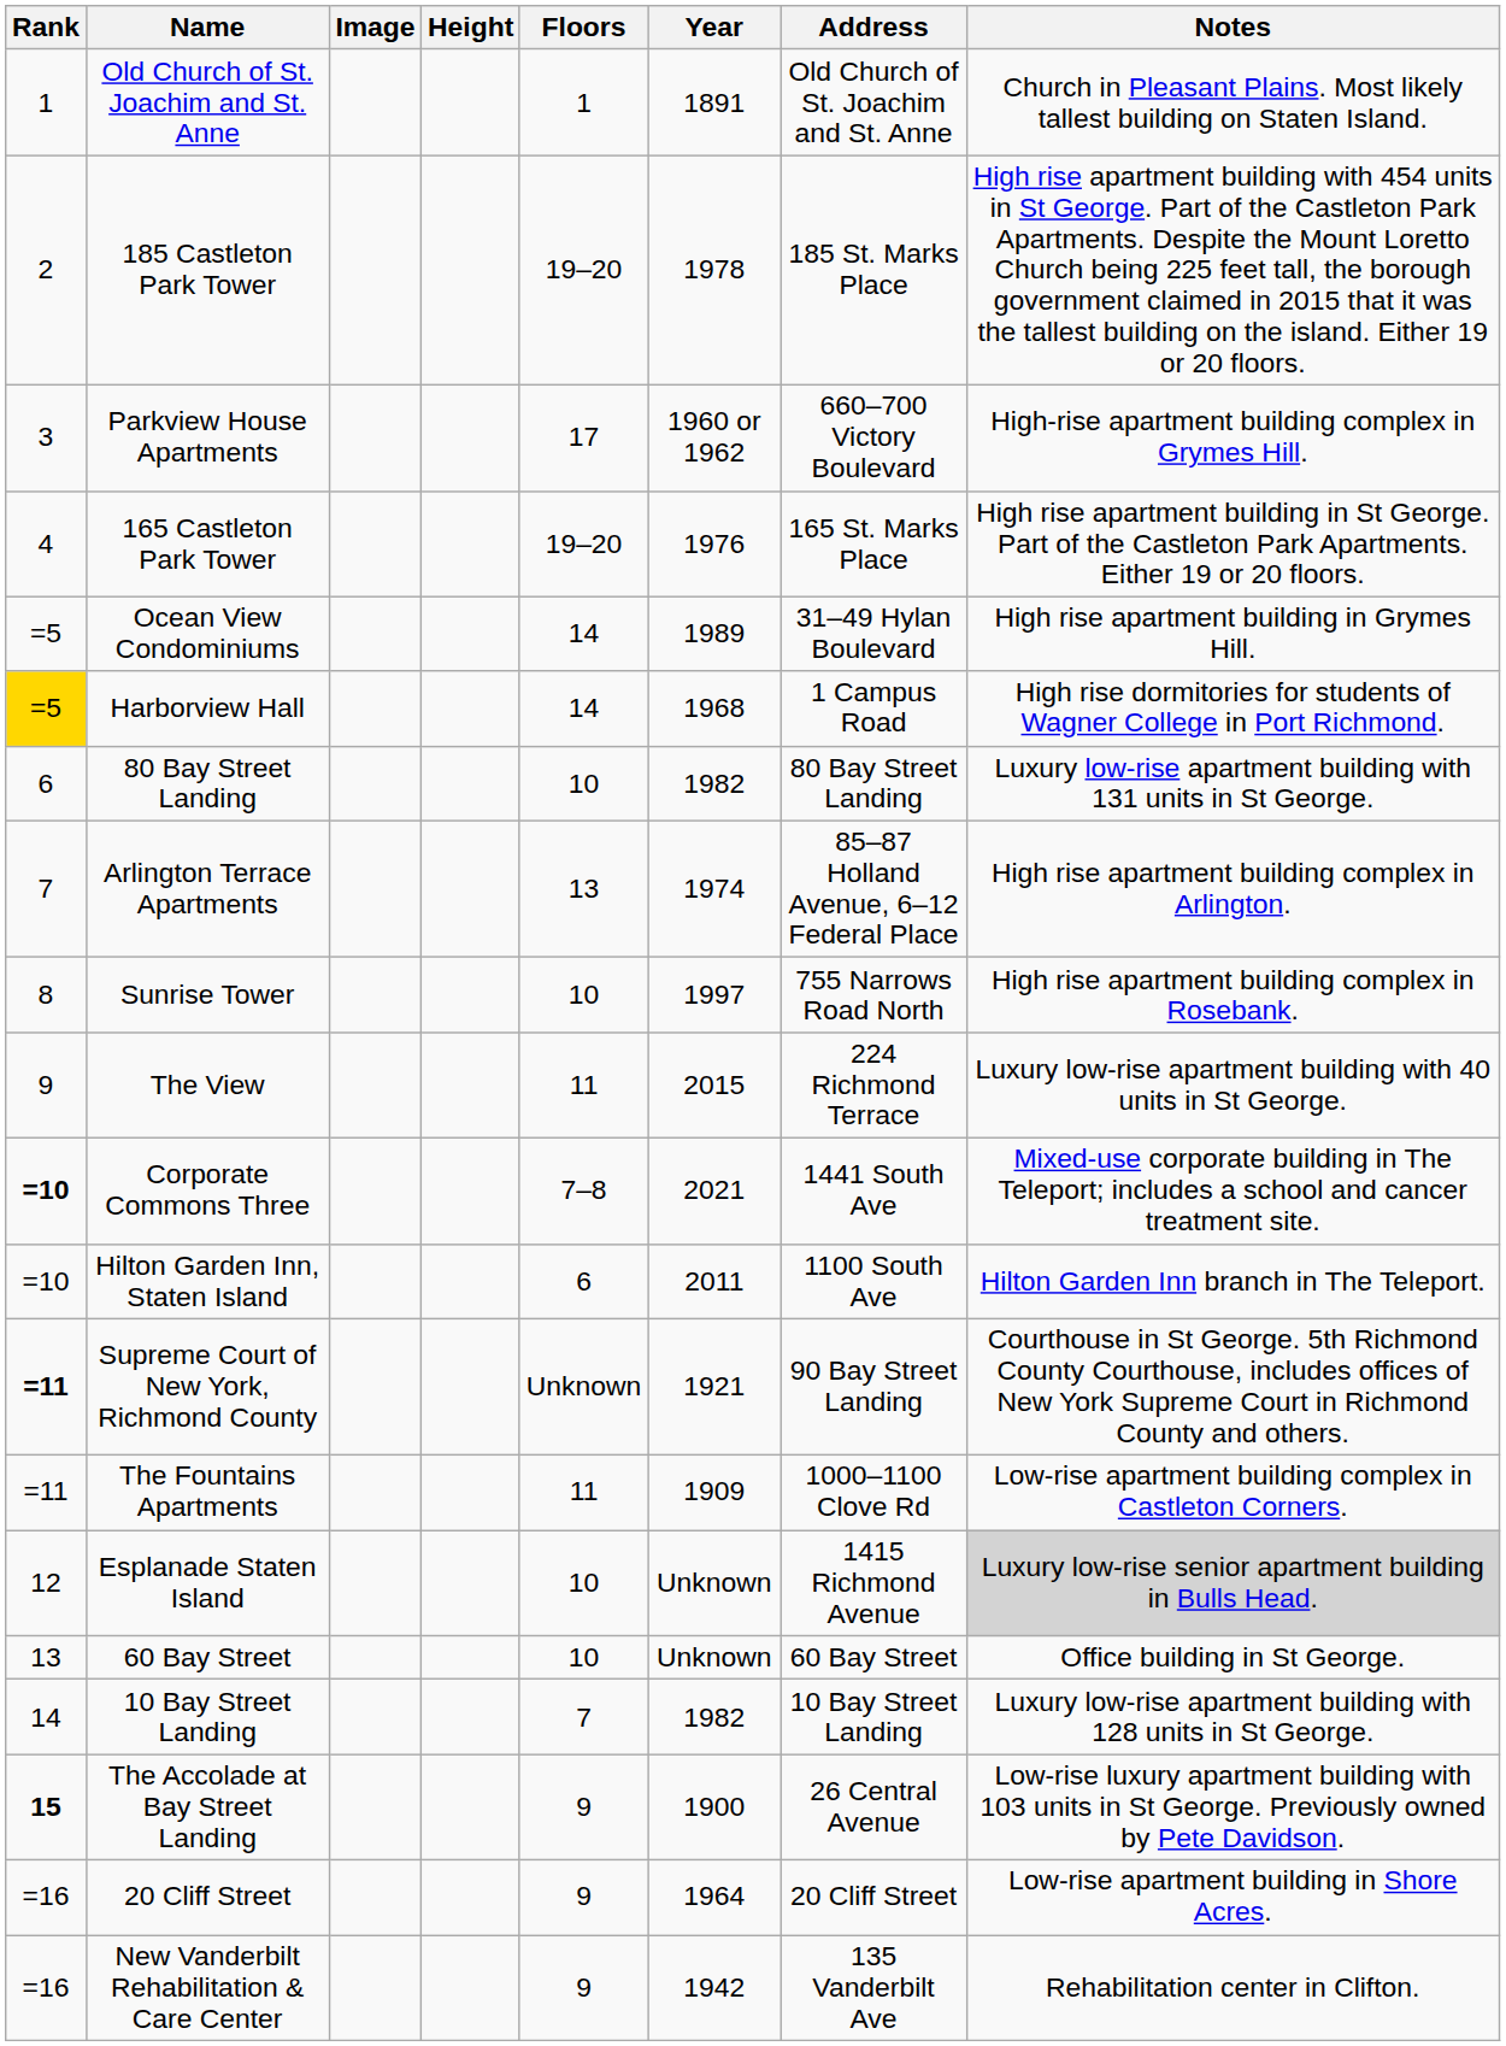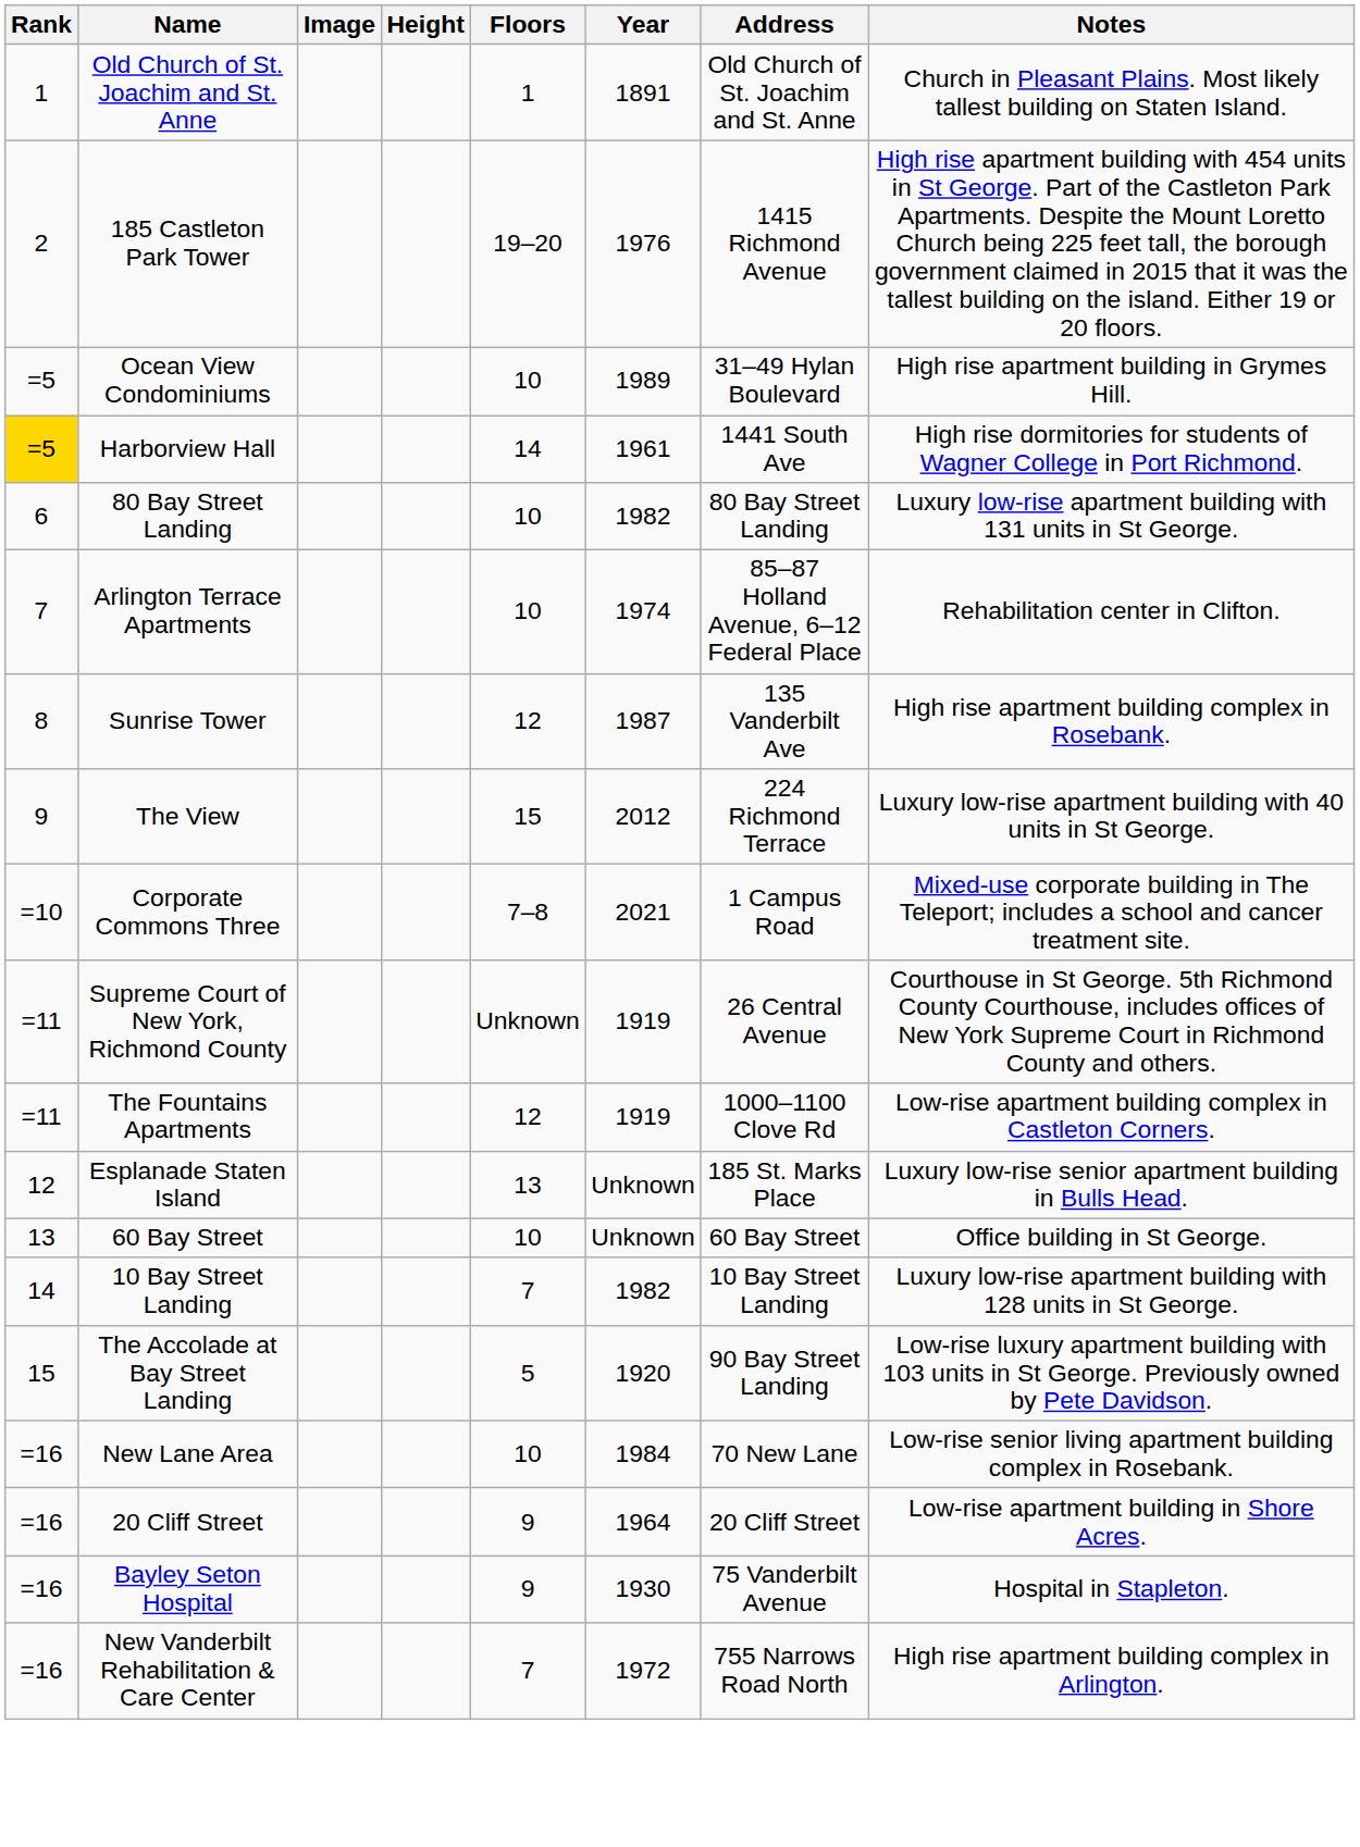 <table class="wikitable sortable" style="text-align:center">
 <tr>
 <th data-sort-type="number">Rank</th>
 <th data-sort-type="text">Name</th>
 <th class="unsortable">Image</th>
 <th data-sort-type="number">Height<br></th>
 <th data-sort-type="number">Floors</th>
 <th data-sort-type="number">Year</th>
 <th data-sort-type="text">Address</th>
 <th class="unsortable">Notes</th>
 </tr>
 <tr>
 <td style="word-spacing: -5px;">1</td>
 <td><a href='#'>Old Church of St. Joachim and St. Anne</a></td>
 <td></td>
 <td></td>
 <td>1</td>
 <td>1891</td>
 <td>Old Church of St. Joachim and St. Anne</td>
 <td>Church in <a href='#'>Pleasant Plains</a>. Most likely tallest building on Staten Island.</td>
 </tr>
 <tr>
 <td style="word-spacing: -5px;">2</td>
 <td>185 Castleton Park Tower</td>
 <td></td>
 <td></td>
 <td>19–20</td>
-<td>1978</td>
-<td>185 St. Marks Place</td>
+<td>1976</td>
+<td>1415 Richmond Avenue</td>
 <td><a href='#'>High rise</a> apartment building with 454 units in <a href='#'>St George</a>. Part of the Castleton Park Apartments. Despite the Mount Loretto Church being 225 feet tall, the borough government claimed in 2015 that it was the tallest building on the island. Either 19 or 20 floors.</td>
-</tr>
-<tr>
-<td style="word-spacing: -5px;">3</td>
-<td>Parkview House Apartments</td>
-<td></td>
-<td></td>
-<td>17</td>
-<td>1960 or 1962</td>
-<td>660–700 Victory Boulevard</td>
-<td>High-rise apartment building complex in <a href='#'>Grymes Hill</a>.</td>
-</tr>
-<tr>
-<td style="word-spacing: -5px;">4</td>
-<td>165 Castleton Park Tower</td>
-<td></td>
-<td></td>
-<td>19–20</td>
-<td>1976</td>
-<td>165 St. Marks Place</td>
-<td>High rise apartment building in St George. Part of the Castleton Park Apartments. Either 19 or 20 floors.</td>
 </tr>
 <tr>
 <td style="word-spacing: -5px;">=5</td>
 <td>Ocean View Condominiums</td>
 <td><br></td>
 <td></td>
-<td>14</td>
+<td>10</td>
 <td>1989</td>
 <td>31–49 Hylan Boulevard</td>
 <td>High rise apartment building in Grymes Hill.</td>
 </tr>
 <tr>
 <td style="background: gold; word-spacing: -5px;">=5</td>
 <td>Harborview Hall</td>
 <td><br></td>
 <td></td>
 <td>14</td>
-<td>1968</td>
-<td>1 Campus Road</td>
+<td>1961</td>
+<td>1441 South Ave</td>
 <td>High rise dormitories for students of <a href='#'>Wagner College</a> in <a href='#'>Port Richmond</a>.</td>
 </tr>
 <tr>
 <td style="word-spacing: -5px;">6</td>
 <td>80 Bay Street Landing</td>
 <td></td>
 <td></td>
 <td>10</td>
 <td>1982</td>
 <td>80 Bay Street Landing</td>
 <td>Luxury <a href='#'>low-rise</a> apartment building with 131 units in St George.</td>
 </tr>
 <tr>
 <td style="word-spacing: -5px;">7</td>
 <td>Arlington Terrace Apartments</td>
 <td></td>
 <td></td>
-<td>13</td>
+<td>10</td>
 <td>1974</td>
 <td>85–87 Holland Avenue, 6–12 Federal Place</td>
-<td>High rise apartment building complex in <a href='#'>Arlington</a>.</td>
+<td>Rehabilitation center in Clifton.</td>
 </tr>
 <tr>
 <td style="word-spacing: -5px;">8</td>
 <td>Sunrise Tower</td>
 <td></td>
 <td></td>
-<td>10</td>
-<td>1997</td>
-<td>755 Narrows Road North</td>
+<td>12</td>
+<td>1987</td>
+<td>135 Vanderbilt Ave</td>
 <td>High rise apartment building complex in <a href='#'>Rosebank</a>.</td>
 </tr>
 <tr>
 <td style="word-spacing: -5px;">9</td>
 <td>The View</td>
 <td></td>
 <td></td>
-<td>11</td>
-<td>2015</td>
+<td>15</td>
+<td>2012</td>
 <td>224 Richmond Terrace</td>
 <td>Luxury low-rise apartment building with 40 units in St George.</td>
 </tr>
 <tr>
-<td style="word-spacing: -5px;"><strong>=10</strong></td>
+<td style="word-spacing: -5px;">=10</td>
 <td>Corporate Commons Three</td>
 <td></td>
 <td></td>
 <td>7–8</td>
 <td>2021</td>
-<td>1441 South Ave</td>
+<td>1 Campus Road</td>
 <td><a href='#'>Mixed-use</a> corporate building in The Teleport; includes a school and cancer treatment site.</td>
 </tr>
 <tr>
-<td style="word-spacing: -5px;">=10</td>
-<td>Hilton Garden Inn, Staten Island</td>
-<td></td>
-<td></td>
-<td>6</td>
-<td>2011</td>
-<td>1100 South Ave</td>
-<td><a href='#'>Hilton Garden Inn</a> branch in The Teleport.</td>
-</tr>
-<tr>
-<td style="word-spacing: -5px;"><strong>=11</strong></td>
+<td style="word-spacing: -5px;">=11</td>
 <td>Supreme Court of New York, Richmond County</td>
 <td></td>
 <td></td>
 <td>Unknown</td>
-<td>1921</td>
-<td>90 Bay Street Landing</td>
+<td>1919</td>
+<td>26 Central Avenue</td>
 <td>Courthouse in St George. 5th Richmond County Courthouse, includes offices of New York Supreme Court in Richmond County and others.</td>
 </tr>
 <tr>
 <td style="word-spacing: -5px;">=11</td>
 <td>The Fountains Apartments</td>
 <td></td>
 <td></td>
-<td>11</td>
-<td>1909</td>
+<td>12</td>
+<td>1919</td>
 <td>1000–1100 Clove Rd</td>
 <td>Low-rise apartment building complex in <a href='#'>Castleton Corners</a>.</td>
 </tr>
 <tr>
 <td style="word-spacing: -5px;">12</td>
 <td>Esplanade Staten Island</td>
 <td></td>
 <td></td>
-<td>10</td>
+<td>13</td>
 <td>Unknown</td>
-<td>1415 Richmond Avenue</td>
-<td style="background: lightgrey;">Luxury low-rise senior apartment building in <a href='#'>Bulls Head</a>.</td>
+<td>185 St. Marks Place</td>
+<td>Luxury low-rise senior apartment building in <a href='#'>Bulls Head</a>.</td>
 </tr>
 <tr>
 <td style="word-spacing: -5px;">13</td>
 <td>60 Bay Street</td>
 <td></td>
 <td></td>
 <td>10</td>
 <td>Unknown</td>
 <td>60 Bay Street</td>
 <td>Office building in St George.</td>
 </tr>
 <tr>
 <td style="word-spacing: -5px;">14</td>
 <td>10 Bay Street Landing</td>
 <td></td>
 <td></td>
 <td>7</td>
 <td>1982</td>
 <td>10 Bay Street Landing</td>
 <td>Luxury low-rise apartment building with 128 units in St George.</td>
 </tr>
 <tr>
-<td style="word-spacing: -5px;"><strong>15</strong></td>
+<td style="word-spacing: -5px;">15</td>
 <td>The Accolade at Bay Street Landing</td>
 <td></td>
 <td></td>
-<td>9</td>
-<td>1900</td>
-<td>26 Central Avenue</td>
+<td>5</td>
+<td>1920</td>
+<td>90 Bay Street Landing</td>
 <td>Low-rise luxury apartment building with 103 units in St George. Previously owned by <a href='#'>Pete Davidson</a>.</td>
+</tr>
+<tr>
+<td style="word-spacing: -5px;">=16</td>
+<td>New Lane Area</td>
+<td></td>
+<td></td>
+<td>10</td>
+<td>1984</td>
+<td>70 New Lane</td>
+<td>Low-rise senior living apartment building complex in Rosebank.</td>
 </tr>
 <tr>
 <td style="word-spacing: -5px;">=16</td>
 <td>20 Cliff Street</td>
 <td></td>
 <td></td>
 <td>9</td>
 <td>1964</td>
 <td>20 Cliff Street</td>
 <td>Low-rise apartment building in <a href='#'>Shore Acres</a>.</td>
 </tr>
 <tr>
 <td style="word-spacing: -5px;">=16</td>
+<td><a href='#'>Bayley Seton Hospital</a></td>
+<td></td>
+<td></td>
+<td>9</td>
+<td>1930</td>
+<td>75 Vanderbilt Avenue</td>
+<td>Hospital in <a href='#'>Stapleton</a>.</td>
+</tr>
+<tr>
+<td style="word-spacing: -5px;">=16</td>
 <td>New Vanderbilt Rehabilitation & Care Center</td>
 <td></td>
 <td></td>
-<td>9</td>
-<td>1942</td>
-<td>135 Vanderbilt Ave</td>
-<td>Rehabilitation center in Clifton.</td>
+<td>7</td>
+<td>1972</td>
+<td>755 Narrows Road North</td>
+<td>High rise apartment building complex in <a href='#'>Arlington</a>.</td>
 </tr>
 <tr>
 </tr>
 </table>
